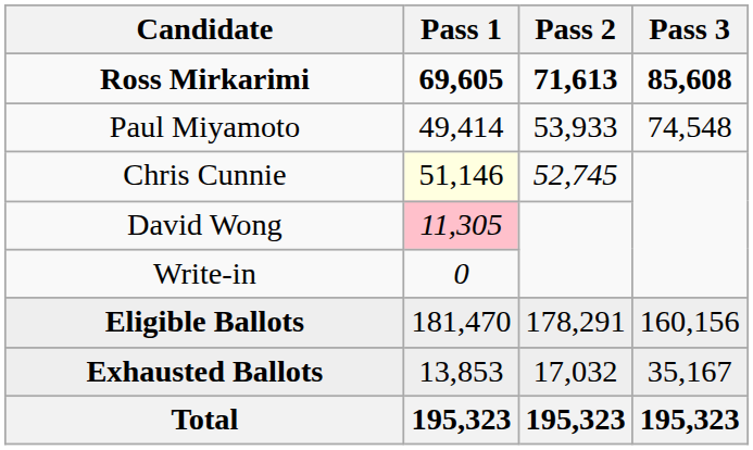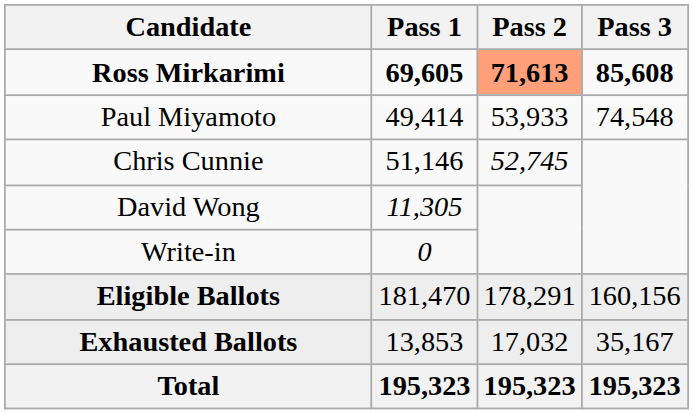 <table class="wikitable" style="text-align: center;">
 <tr>
 <th width="200">Candidate</th>
 <th>Pass 1</th>
 <th>Pass 2</th>
 <th>Pass 3</th>
 </tr>
 <tr>
 <td><strong>Ross Mirkarimi</strong></td>
 <td><strong>69,605</strong></td>
-<td><strong>71,613</strong></td>
+<td style="background: lightsalmon;"><strong>71,613</strong></td>
 <td><strong>85,608</strong></td>
 </tr>
 <tr>
 <td>Paul Miyamoto</td>
 <td>49,414</td>
 <td>53,933</td>
 <td>74,548</td>
 </tr>
 <tr>
 <td>Chris Cunnie</td>
-<td style="background: lightyellow;">51,146</td>
+<td>51,146</td>
 <td><em>52,745</em></td>
 <td rowspan="3"></td>
 </tr>
 <tr>
 <td>David Wong</td>
-<td style="background: pink;"><em>11,305</em></td>
+<td><em>11,305</em></td>
 <td rowspan="2"></td>
 </tr>
 <tr>
 <td>Write-in</td>
 <td><em>0</em></td>
 </tr>
 <tr bgcolor="#EEEEEE">
 <td><strong>Eligible Ballots</strong></td>
 <td>181,470</td>
 <td>178,291</td>
 <td>160,156</td>
 </tr>
 <tr bgcolor="#EEEEEE">
 <td><strong>Exhausted Ballots</strong></td>
 <td>13,853</td>
 <td>17,032</td>
 <td>35,167</td>
 </tr>
 <tr>
 <th scope="row">Total</th>
 <th>195,323</th>
 <th>195,323</th>
 <th>195,323</th>
 </tr>
 </table>
